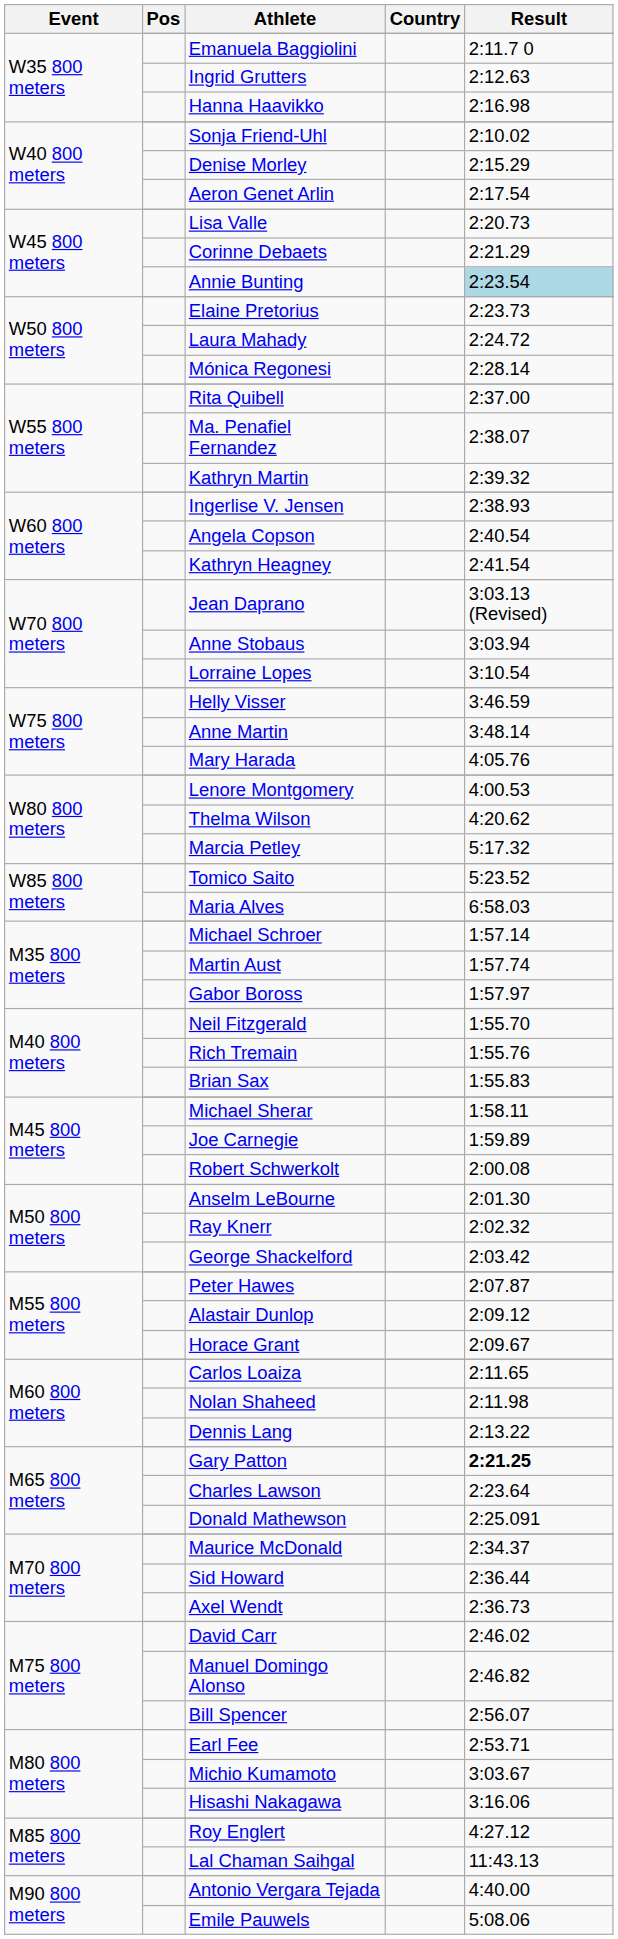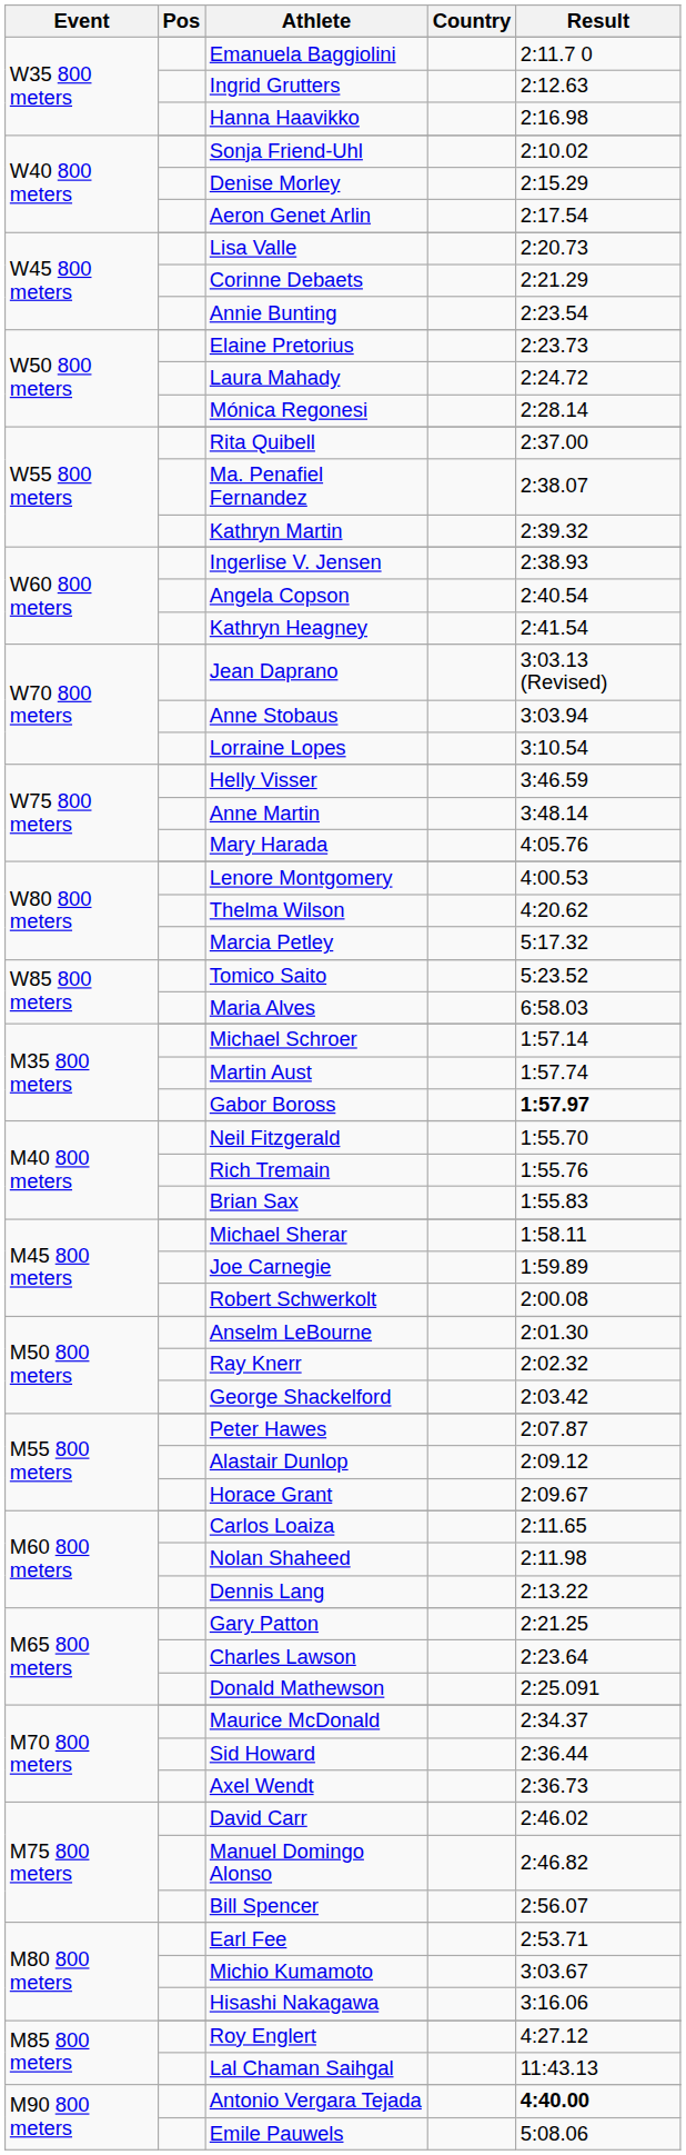 <table class="wikitable" style="width:60%;">
 <tr>
 <th>Event</th>
 <th>Pos</th>
 <th>Athlete</th>
 <th>Country</th>
 <th>Result</th>
 </tr>
 <tr>
 <td rowspan="4">W35 <a href='#'>800 meters</a></td>
 </tr>
 <tr>
 <td align=center></td>
 <td align=left><a href='#'>Emanuela Baggiolini</a></td>
 <td align=left></td>
 <td>2:11.7 0</td>
 </tr>
 <tr>
 <td align=center></td>
 <td align=left><a href='#'>Ingrid Grutters</a></td>
 <td align=left></td>
 <td>2:12.63</td>
 </tr>
 <tr>
 <td align=center></td>
 <td align=left><a href='#'>Hanna Haavikko</a></td>
 <td align=left></td>
 <td>2:16.98</td>
 </tr>
 <tr>
 <td rowspan="4">W40 <a href='#'>800 meters</a></td>
 </tr>
 <tr>
 <td align=center></td>
 <td align=left><a href='#'>Sonja Friend-Uhl</a></td>
 <td align=left></td>
 <td>2:10.02</td>
 </tr>
 <tr>
 <td align=center></td>
 <td align=left><a href='#'>Denise Morley</a></td>
 <td align=left></td>
 <td>2:15.29</td>
 </tr>
 <tr>
 <td align=center></td>
 <td align=left><a href='#'>Aeron Genet Arlin</a></td>
 <td align=left></td>
 <td>2:17.54</td>
 </tr>
 <tr>
 <td rowspan="4">W45 <a href='#'>800 meters</a></td>
 </tr>
 <tr>
 <td align=center></td>
 <td align=left><a href='#'>Lisa Valle</a></td>
 <td align=left></td>
 <td>2:20.73</td>
 </tr>
 <tr>
 <td align=center></td>
 <td align=left><a href='#'>Corinne Debaets</a></td>
 <td align=left></td>
 <td>2:21.29</td>
 </tr>
 <tr>
 <td align=center></td>
 <td align=left><a href='#'>Annie Bunting</a></td>
 <td align=left></td>
-<td style="background: lightblue;">2:23.54</td>
+<td>2:23.54</td>
 </tr>
 <tr>
 <td rowspan="4">W50 <a href='#'>800 meters</a></td>
 </tr>
 <tr>
 <td align=center></td>
 <td align=left><a href='#'>Elaine Pretorius</a></td>
 <td align=left></td>
 <td>2:23.73</td>
 </tr>
 <tr>
 <td align=center></td>
 <td align=left><a href='#'>Laura Mahady</a></td>
 <td align=left></td>
 <td>2:24.72</td>
 </tr>
 <tr>
 <td align=center></td>
 <td align=left><a href='#'>Mónica Regonesi</a></td>
 <td align=left></td>
 <td>2:28.14</td>
 </tr>
 <tr>
 <td rowspan="4">W55 <a href='#'>800 meters</a></td>
 </tr>
 <tr>
 <td align=center></td>
 <td align=left><a href='#'>Rita Quibell</a></td>
 <td align=left></td>
 <td>2:37.00</td>
 </tr>
 <tr>
 <td align=center></td>
 <td align=left><a href='#'>Ma. Penafiel Fernandez</a></td>
 <td align=left></td>
 <td>2:38.07</td>
 </tr>
 <tr>
 <td align=center></td>
 <td align=left><a href='#'>Kathryn Martin</a></td>
 <td align=left></td>
 <td>2:39.32</td>
 </tr>
 <tr>
 <td rowspan="4">W60 <a href='#'>800 meters</a></td>
 </tr>
 <tr>
 <td align=center></td>
 <td align=left><a href='#'>Ingerlise V. Jensen</a></td>
 <td align=left></td>
 <td>2:38.93</td>
 </tr>
 <tr>
 <td align=center></td>
 <td align=left><a href='#'>Angela Copson</a></td>
 <td align=left></td>
 <td>2:40.54</td>
 </tr>
 <tr>
 <td align=center></td>
 <td align=left><a href='#'>Kathryn Heagney</a></td>
 <td align=left></td>
 <td>2:41.54</td>
 </tr>
 <tr>
 <td rowspan="4">W70 <a href='#'>800 meters</a></td>
 </tr>
 <tr>
 <td align=center></td>
 <td align=left><a href='#'>Jean Daprano</a></td>
 <td align=left></td>
 <td>3:03.13 (Revised)</td>
 </tr>
 <tr>
 <td align=center></td>
 <td align=left><a href='#'>Anne Stobaus</a></td>
 <td align=left></td>
 <td>3:03.94</td>
 </tr>
 <tr>
 <td align=center></td>
 <td align=left><a href='#'>Lorraine Lopes</a></td>
 <td align=left></td>
 <td>3:10.54</td>
 </tr>
 <tr>
 <td rowspan="4">W75 <a href='#'>800 meters</a></td>
 </tr>
 <tr>
 <td align=center></td>
 <td align=left><a href='#'>Helly Visser</a></td>
 <td align=left></td>
 <td>3:46.59</td>
 </tr>
 <tr>
 <td align=center></td>
 <td align=left><a href='#'>Anne Martin</a></td>
 <td align=left></td>
 <td>3:48.14</td>
 </tr>
 <tr>
 <td align=center></td>
 <td align=left><a href='#'>Mary Harada</a></td>
 <td align=left></td>
 <td>4:05.76</td>
 </tr>
 <tr>
 <td rowspan="4">W80 <a href='#'>800 meters</a></td>
 </tr>
 <tr>
 <td align=center></td>
 <td align=left><a href='#'>Lenore Montgomery</a></td>
 <td align=left></td>
 <td>4:00.53</td>
 </tr>
 <tr>
 <td align=center></td>
 <td align=left><a href='#'>Thelma Wilson</a></td>
 <td align=left></td>
 <td>4:20.62</td>
 </tr>
 <tr>
 <td align=center></td>
 <td align=left><a href='#'>Marcia Petley</a></td>
 <td align=left></td>
 <td>5:17.32</td>
 </tr>
 <tr>
 <td rowspan="3">W85 <a href='#'>800 meters</a></td>
 </tr>
 <tr>
 <td align=center></td>
 <td align=left><a href='#'>Tomico Saito</a></td>
 <td align=left></td>
 <td>5:23.52</td>
 </tr>
 <tr>
 <td align=center></td>
 <td align=left><a href='#'>Maria Alves</a></td>
 <td align=left></td>
 <td>6:58.03</td>
 </tr>
 <tr>
 <td rowspan="4">M35 <a href='#'>800 meters</a></td>
 </tr>
 <tr>
 <td align=center></td>
 <td align=left><a href='#'>Michael Schroer</a></td>
 <td align=left></td>
 <td>1:57.14</td>
 </tr>
 <tr>
 <td align=center></td>
 <td align=left><a href='#'>Martin Aust</a></td>
 <td align=left></td>
 <td>1:57.74</td>
 </tr>
 <tr>
 <td align=center></td>
 <td align=left><a href='#'>Gabor Boross</a></td>
 <td align=left></td>
-<td>1:57.97</td>
+<td><strong>1:57.97</strong></td>
 </tr>
 <tr>
 <td rowspan="4">M40 <a href='#'>800 meters</a></td>
 </tr>
 <tr>
 <td align=center></td>
 <td align=left><a href='#'>Neil Fitzgerald</a></td>
 <td align=left></td>
 <td>1:55.70</td>
 </tr>
 <tr>
 <td align=center></td>
 <td align=left><a href='#'>Rich Tremain</a></td>
 <td align=left></td>
 <td>1:55.76</td>
 </tr>
 <tr>
 <td align=center></td>
 <td align=left><a href='#'>Brian Sax</a></td>
 <td align=left></td>
 <td>1:55.83</td>
 </tr>
 <tr>
 <td rowspan="4">M45 <a href='#'>800 meters</a></td>
 </tr>
 <tr>
 <td align=center></td>
 <td align=left><a href='#'>Michael Sherar</a></td>
 <td align=left></td>
 <td>1:58.11</td>
 </tr>
 <tr>
 <td align=center></td>
 <td align=left><a href='#'>Joe Carnegie</a></td>
 <td align=left></td>
 <td>1:59.89</td>
 </tr>
 <tr>
 <td align=center></td>
 <td align=left><a href='#'>Robert Schwerkolt</a></td>
 <td align=left></td>
 <td>2:00.08</td>
 </tr>
 <tr>
 <td rowspan="4">M50 <a href='#'>800 meters</a></td>
 </tr>
 <tr>
 <td align=center></td>
 <td align=left><a href='#'>Anselm LeBourne</a></td>
 <td align=left></td>
 <td>2:01.30</td>
 </tr>
 <tr>
 <td align=center></td>
 <td align=left><a href='#'>Ray Knerr</a></td>
 <td align=left></td>
 <td>2:02.32</td>
 </tr>
 <tr>
 <td align=center></td>
 <td align=left><a href='#'>George Shackelford</a></td>
 <td align=left></td>
 <td>2:03.42</td>
 </tr>
 <tr>
 <td rowspan="4">M55 <a href='#'>800 meters</a></td>
 </tr>
 <tr>
 <td align=center></td>
 <td align=left><a href='#'>Peter Hawes</a></td>
 <td align=left></td>
 <td>2:07.87</td>
 </tr>
 <tr>
 <td align=center></td>
 <td align=left><a href='#'>Alastair Dunlop</a></td>
 <td align=left></td>
 <td>2:09.12</td>
 </tr>
 <tr>
 <td align=center></td>
 <td align=left><a href='#'>Horace Grant</a></td>
 <td align=left></td>
 <td>2:09.67</td>
 </tr>
 <tr>
 <td rowspan="4">M60 <a href='#'>800 meters</a></td>
 </tr>
 <tr>
 <td align=center></td>
 <td align=left><a href='#'>Carlos Loaiza</a></td>
 <td align=left></td>
 <td>2:11.65</td>
 </tr>
 <tr>
 <td align=center></td>
 <td align=left><a href='#'>Nolan Shaheed</a></td>
 <td align=left></td>
 <td>2:11.98</td>
 </tr>
 <tr>
 <td align=center></td>
 <td align=left><a href='#'>Dennis Lang</a></td>
 <td align=left></td>
 <td>2:13.22</td>
 </tr>
 <tr>
 <td rowspan="4">M65 <a href='#'>800 meters</a></td>
 </tr>
 <tr>
 <td align=center></td>
 <td align=left><a href='#'>Gary Patton</a></td>
 <td align=left></td>
-<td><strong>2:21.25</strong></td>
+<td>2:21.25</td>
 </tr>
 <tr>
 <td align=center></td>
 <td align=left><a href='#'>Charles Lawson</a></td>
 <td align=left></td>
 <td>2:23.64</td>
 </tr>
 <tr>
 <td align=center></td>
 <td align=left><a href='#'>Donald Mathewson</a></td>
 <td align=left></td>
 <td>2:25.091</td>
 </tr>
 <tr>
 <td rowspan="4">M70 <a href='#'>800 meters</a></td>
 </tr>
 <tr>
 <td align=center></td>
 <td align=left><a href='#'>Maurice McDonald</a></td>
 <td align=left></td>
 <td>2:34.37</td>
 </tr>
 <tr>
 <td align=center></td>
 <td align=left><a href='#'>Sid Howard</a></td>
 <td align=left></td>
 <td>2:36.44</td>
 </tr>
 <tr>
 <td align=center></td>
 <td align=left><a href='#'>Axel Wendt</a></td>
 <td align=left></td>
 <td>2:36.73</td>
 </tr>
 <tr>
 <td rowspan="4">M75 <a href='#'>800 meters</a></td>
 </tr>
 <tr>
 <td align=center></td>
 <td align=left><a href='#'>David Carr</a></td>
 <td align=left></td>
 <td>2:46.02</td>
 </tr>
 <tr>
 <td align=center></td>
 <td align=left><a href='#'>Manuel Domingo Alonso</a></td>
 <td align=left></td>
 <td>2:46.82</td>
 </tr>
 <tr>
 <td align=center></td>
 <td align=left><a href='#'>Bill Spencer</a></td>
 <td align=left></td>
 <td>2:56.07</td>
 </tr>
 <tr>
 <td rowspan="4">M80 <a href='#'>800 meters</a></td>
 </tr>
 <tr>
 <td align=center></td>
 <td align=left><a href='#'>Earl Fee</a></td>
 <td align=left></td>
 <td>2:53.71</td>
 </tr>
 <tr>
 <td align=center></td>
 <td align=left><a href='#'>Michio Kumamoto</a></td>
 <td align=left></td>
 <td>3:03.67</td>
 </tr>
 <tr>
 <td align=center></td>
 <td align=left><a href='#'>Hisashi Nakagawa</a></td>
 <td align=left></td>
 <td>3:16.06</td>
 </tr>
 <tr>
 <td rowspan="3">M85 <a href='#'>800 meters</a></td>
 </tr>
 <tr>
 <td align=center></td>
 <td align=left><a href='#'>Roy Englert</a></td>
 <td align=left></td>
 <td>4:27.12</td>
 </tr>
 <tr>
 <td align=center></td>
 <td align=left><a href='#'>Lal Chaman Saihgal</a></td>
 <td align=left></td>
 <td>11:43.13</td>
 </tr>
 <tr>
 <td rowspan="3">M90 <a href='#'>800 meters</a></td>
 </tr>
 <tr>
 <td align=center></td>
 <td align=left><a href='#'>Antonio Vergara Tejada</a></td>
 <td align=left></td>
-<td>4:40.00</td>
+<td><strong>4:40.00</strong></td>
 </tr>
 <tr>
 <td align=center></td>
 <td align=left><a href='#'>Emile Pauwels</a></td>
 <td align=left></td>
 <td>5:08.06</td>
 </tr>
 </table>
